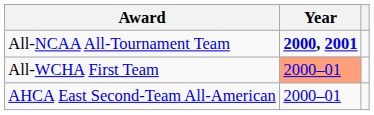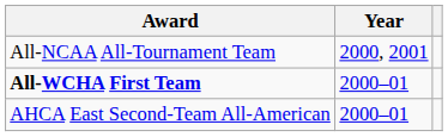 <table class="wikitable">
 <tr>
 <th>Award</th>
 <th>Year</th>
 <th></th>
 </tr>
 <tr>
 <td>All-<a href='#'>NCAA</a> <a href='#'>All-Tournament Team</a></td>
-<td><strong><a href='#'>2000</a>, <a href='#'>2001</a></strong></td>
+<td><a href='#'>2000</a>, <a href='#'>2001</a></td>
 <td></td>
 </tr>
 <tr>
-<td>All-<a href='#'>WCHA</a> <a href='#'>First Team</a></td>
-<td style="background: lightsalmon;"><a href='#'>2000–01</a></td>
+<td><strong>All-<a href='#'>WCHA</a> <a href='#'>First Team</a></strong></td>
+<td><a href='#'>2000–01</a></td>
 <td></td>
 </tr>
 <tr>
 <td><a href='#'>AHCA</a> <a href='#'>East Second-Team All-American</a></td>
 <td><a href='#'>2000–01</a></td>
 <td></td>
 </tr>
 </table>
